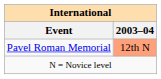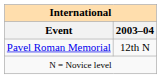 <table class="wikitable" style="text-align:center">
 <tr>
 <th style="background-color: #ffdead; " colspan=2 align=center>International</th>
 </tr>
 <tr>
 <th>Event</th>
 <th>2003–04</th>
 </tr>
 <tr>
 <td align=left><a href='#'>Pavel Roman Memorial</a></td>
-<td style="background: lightsalmon;">12th N</td>
+<td>12th N</td>
 </tr>
 <tr>
 <td colspan=2 align=center><small> N = Novice level </small></td>
 </tr>
 </table>
